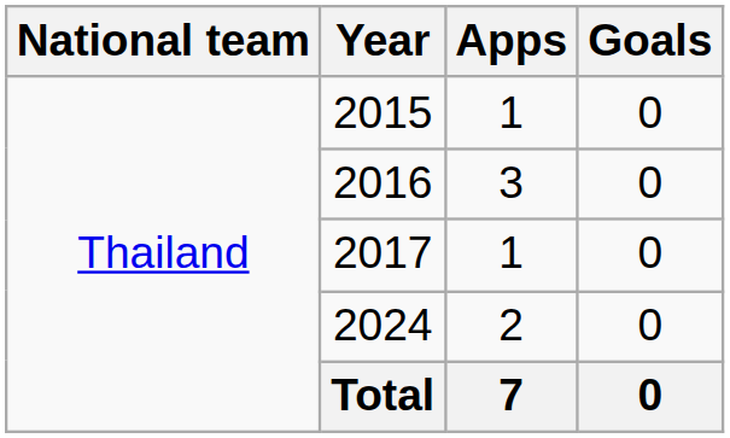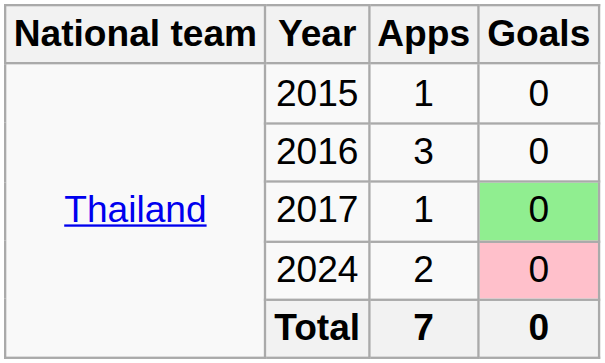 <table class="wikitable" style="text-align:center">
 <tr>
 <th>National team</th>
 <th>Year</th>
 <th>Apps</th>
 <th>Goals</th>
 </tr>
 <tr>
 <td rowspan="8" valign="center"><a href='#'>Thailand</a></td>
 <td>2015</td>
 <td>1</td>
 <td>0</td>
 </tr>
 <tr>
 <td>2016</td>
 <td>3</td>
 <td>0</td>
 </tr>
 <tr>
 <td>2017</td>
 <td>1</td>
-<td>0</td>
+<td style="background: lightgreen;">0</td>
 </tr>
 <tr>
 <td>2024</td>
 <td>2</td>
-<td>0</td>
+<td style="background: pink;">0</td>
 </tr>
 <tr>
 <th>Total</th>
 <th>7</th>
 <th>0</th>
 </tr>
 </table>
